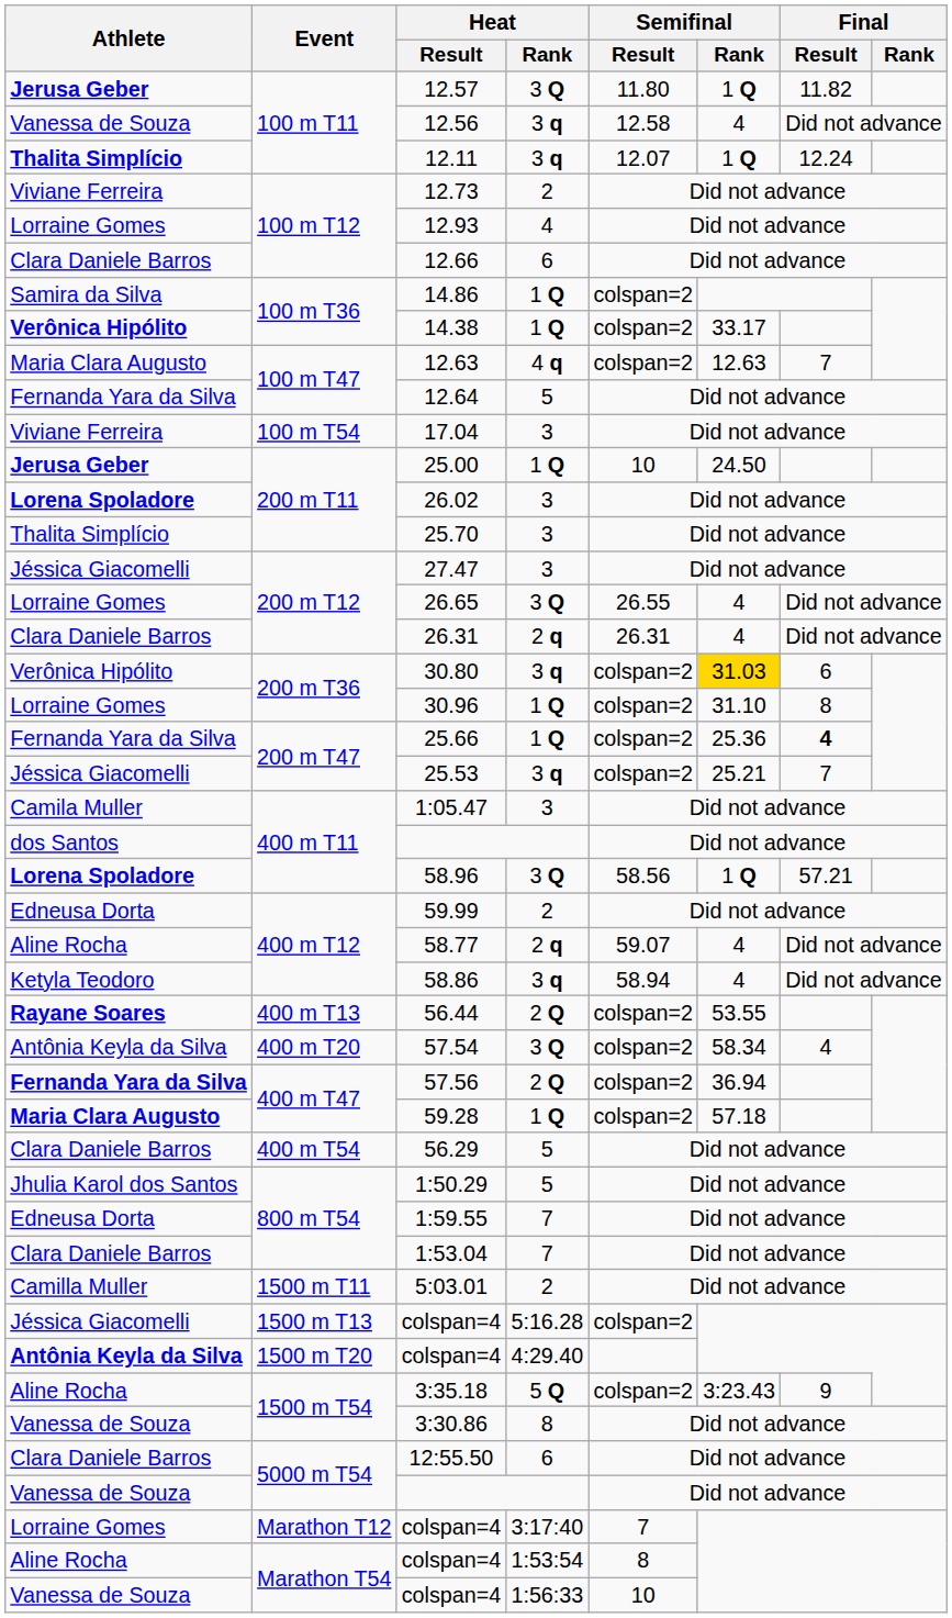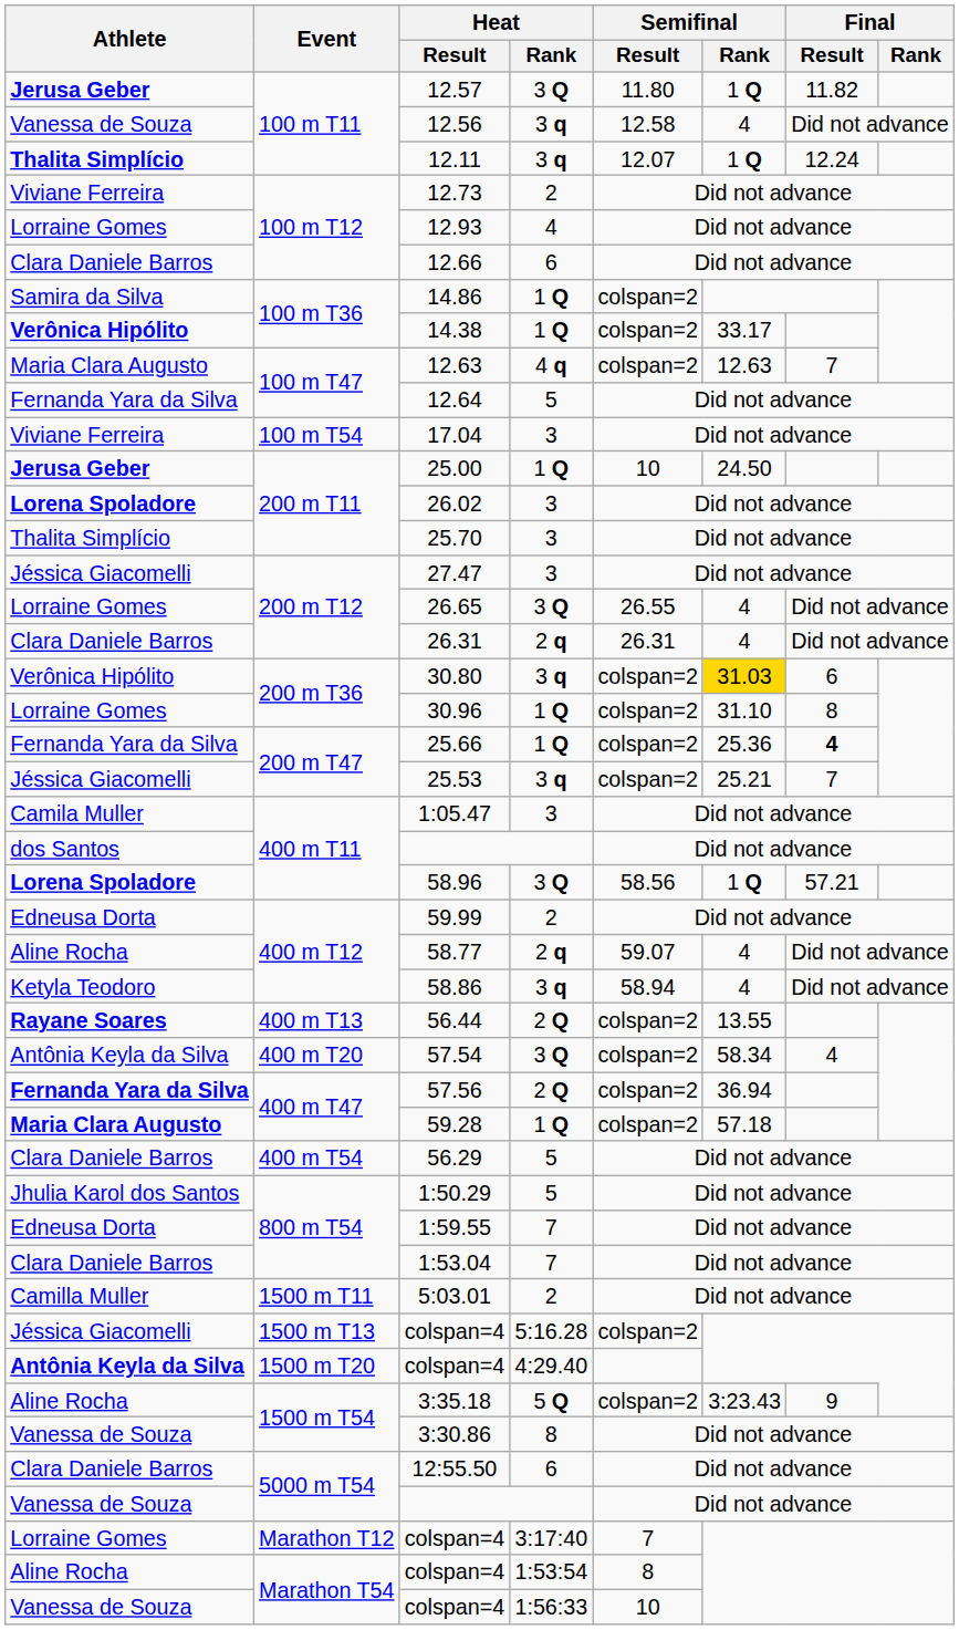 <table class="wikitable" style="font-size:90%">
 <tr>
 <th rowspan="2">Athlete</th>
 <th rowspan="2">Event</th>
 <th colspan="2">Heat</th>
 <th colspan="2">Semifinal</th>
 <th colspan="2">Final</th>
 </tr>
 <tr style="font-size:95%">
 <th>Result</th>
 <th>Rank</th>
 <th>Result</th>
 <th>Rank</th>
 <th>Result</th>
 <th>Rank</th>
 </tr>
 <tr align=center>
 <td align=left><strong><a href='#'>Jerusa Geber</a></strong></td>
 <td align=left rowspan=3><a href='#'>100 m T11</a></td>
 <td>12.57</td>
 <td>3 <strong>Q</strong></td>
 <td>11.80</td>
 <td>1 <strong>Q</strong></td>
 <td>11.82</td>
 <td></td>
 </tr>
 <tr align=center>
 <td align=left><a href='#'>Vanessa de Souza</a></td>
 <td>12.56</td>
 <td>3 <strong>q</strong></td>
 <td>12.58</td>
 <td>4</td>
 <td colspan=2>Did not advance</td>
 </tr>
 <tr align=center>
 <td align=left><strong><a href='#'>Thalita Simplício</a></strong></td>
 <td>12.11</td>
 <td>3 <strong>q</strong></td>
 <td>12.07</td>
 <td>1 <strong>Q</strong></td>
 <td>12.24</td>
 <td></td>
 </tr>
 <tr align=center>
 <td align=left><a href='#'>Viviane Ferreira</a></td>
 <td align=left rowspan=3><a href='#'>100 m T12</a></td>
 <td>12.73</td>
 <td>2</td>
 <td colspan=4>Did not advance</td>
 </tr>
 <tr align=center>
 <td align=left><a href='#'>Lorraine Gomes</a></td>
 <td>12.93</td>
 <td>4</td>
 <td colspan=4>Did not advance</td>
 </tr>
 <tr align=center>
 <td align=left><a href='#'>Clara Daniele Barros</a></td>
 <td>12.66</td>
 <td>6</td>
 <td colspan=4>Did not advance</td>
 </tr>
 <tr align=center>
 <td align=left><a href='#'>Samira da Silva</a></td>
 <td align=left rowspan=2><a href='#'>100 m T36</a></td>
 <td>14.86</td>
 <td>1 <strong>Q</strong></td>
 <td>colspan=2 </td>
 <td colspan=2></td>
 </tr>
 <tr align=center>
 <td align=left><strong><a href='#'>Verônica Hipólito</a></strong></td>
 <td>14.38</td>
 <td>1 <strong>Q</strong></td>
 <td>colspan=2 </td>
 <td>33.17</td>
 <td></td>
 </tr>
 <tr align=center>
 <td align=left><a href='#'>Maria Clara Augusto</a></td>
 <td align=left rowspan=2><a href='#'>100 m T47</a></td>
 <td>12.63</td>
 <td>4 <strong>q</strong></td>
 <td>colspan=2 </td>
 <td>12.63</td>
 <td>7</td>
 </tr>
 <tr align=center>
 <td align=left><a href='#'>Fernanda Yara da Silva</a></td>
 <td>12.64</td>
 <td>5</td>
 <td colspan=4>Did not advance</td>
 </tr>
 <tr align=center>
 <td align=left><a href='#'>Viviane Ferreira</a></td>
 <td align=left><a href='#'>100 m T54</a></td>
 <td>17.04</td>
 <td>3</td>
 <td colspan=4>Did not advance</td>
 </tr>
 <tr align=center>
 <td align=left><strong><a href='#'>Jerusa Geber</a></strong></td>
 <td align=left rowspan=3><a href='#'>200 m T11</a></td>
 <td>25.00</td>
 <td>1 <strong>Q</strong></td>
 <td>10</td>
 <td>24.50</td>
 <td></td>
 </tr>
 <tr align=center>
 <td align=left><strong><a href='#'>Lorena Spoladore</a></strong></td>
 <td>26.02</td>
 <td>3</td>
 <td colspan=4>Did not advance</td>
 </tr>
 <tr align=center>
 <td align=left><a href='#'>Thalita Simplício</a></td>
 <td>25.70</td>
 <td>3</td>
 <td colspan=4>Did not advance</td>
 </tr>
 <tr align=center>
 <td align=left><a href='#'>Jéssica Giacomelli</a></td>
 <td align=left rowspan=3><a href='#'>200 m T12</a></td>
 <td>27.47</td>
 <td>3</td>
 <td colspan=4>Did not advance</td>
 </tr>
 <tr align=center>
 <td align=left><a href='#'>Lorraine Gomes</a></td>
 <td>26.65</td>
 <td>3 <strong>Q</strong></td>
 <td>26.55</td>
 <td>4</td>
 <td colspan=2>Did not advance</td>
 </tr>
 <tr align=center>
 <td align=left><a href='#'>Clara Daniele Barros</a></td>
 <td>26.31</td>
 <td>2 <strong>q</strong></td>
 <td>26.31</td>
 <td>4</td>
 <td colspan=2>Did not advance</td>
 </tr>
 <tr align=center>
 <td align=left><a href='#'>Verônica Hipólito</a></td>
 <td align=left rowspan=2><a href='#'>200 m T36</a></td>
 <td>30.80</td>
 <td>3 <strong>q</strong></td>
 <td>colspan=2 </td>
 <td style="background: gold;">31.03</td>
 <td>6</td>
 </tr>
 <tr align=center>
 <td align=left><a href='#'>Lorraine Gomes</a></td>
 <td>30.96</td>
 <td>1 <strong>Q</strong></td>
 <td>colspan=2 </td>
 <td>31.10</td>
 <td>8</td>
 </tr>
 <tr align=center>
 <td align=left><a href='#'>Fernanda Yara da Silva</a></td>
 <td align=left rowspan=2><a href='#'>200 m T47</a></td>
 <td>25.66</td>
 <td>1 <strong>Q</strong></td>
 <td>colspan=2 </td>
 <td>25.36</td>
 <td><strong>4</strong></td>
 </tr>
 <tr align=center>
 <td align=left><a href='#'>Jéssica Giacomelli</a></td>
 <td>25.53</td>
 <td>3 <strong>q</strong></td>
 <td>colspan=2 </td>
 <td>25.21</td>
 <td>7</td>
 </tr>
 <tr align=center>
 <td align=left><a href='#'>Camila Muller</a></td>
 <td align=left rowspan=3><a href='#'>400 m T11</a></td>
 <td>1:05.47</td>
 <td>3</td>
 <td colspan=4>Did not advance</td>
 </tr>
 <tr align=center>
 <td align=left><a href='#'> dos Santos</a></td>
 <td colspan=2></td>
 <td colspan=4>Did not advance</td>
 </tr>
 <tr align=center>
 <td align=left><strong><a href='#'>Lorena Spoladore</a></strong></td>
 <td>58.96</td>
 <td>3 <strong>Q</strong></td>
 <td>58.56</td>
 <td>1 <strong>Q</strong></td>
 <td>57.21</td>
 <td></td>
 </tr>
 <tr align=center>
 <td align=left><a href='#'>Edneusa Dorta</a></td>
 <td align=left rowspan=3><a href='#'>400 m T12</a></td>
 <td>59.99</td>
 <td>2</td>
 <td colspan=4>Did not advance</td>
 </tr>
 <tr align=center>
 <td align=left><a href='#'>Aline Rocha</a></td>
 <td>58.77</td>
 <td>2 <strong>q</strong></td>
 <td>59.07</td>
 <td>4</td>
 <td colspan=2>Did not advance</td>
 </tr>
 <tr align=center>
 <td align=left><a href='#'>Ketyla Teodoro</a></td>
 <td>58.86</td>
 <td>3 <strong>q</strong></td>
 <td>58.94</td>
 <td>4</td>
 <td colspan=2>Did not advance</td>
 </tr>
 <tr align=center>
 <td align=left><strong><a href='#'>Rayane Soares</a></strong></td>
 <td align=left><a href='#'>400 m T13</a></td>
 <td>56.44</td>
 <td>2 <strong>Q</strong></td>
 <td>colspan=2 </td>
-<td>53.55</td>
+<td>13.55</td>
 <td></td>
 </tr>
 <tr align=center>
 <td align=left><a href='#'>Antônia Keyla da Silva</a></td>
 <td align=left><a href='#'>400 m T20</a></td>
 <td>57.54</td>
 <td>3 <strong>Q</strong></td>
 <td>colspan=2 </td>
 <td>58.34</td>
 <td>4</td>
 </tr>
 <tr align=center>
 <td align=left><strong><a href='#'>Fernanda Yara da Silva</a></strong></td>
 <td align=left rowspan=2><a href='#'>400 m T47</a></td>
 <td>57.56</td>
 <td>2 <strong>Q</strong></td>
 <td>colspan=2 </td>
 <td>36.94</td>
 <td></td>
 </tr>
 <tr align=center>
 <td align=left><strong><a href='#'>Maria Clara Augusto</a></strong></td>
 <td>59.28</td>
 <td>1 <strong>Q</strong></td>
 <td>colspan=2 </td>
 <td>57.18</td>
 <td></td>
 </tr>
 <tr align=center>
 <td align=left><a href='#'>Clara Daniele Barros</a></td>
 <td align=left><a href='#'>400 m T54</a></td>
 <td>56.29</td>
 <td>5</td>
 <td colspan=4>Did not advance</td>
 </tr>
 <tr align=center>
 <td align=left><a href='#'>Jhulia Karol dos Santos</a></td>
 <td align=left rowspan=3><a href='#'>800 m T54</a></td>
 <td>1:50.29</td>
 <td>5</td>
 <td colspan=4>Did not advance</td>
 </tr>
 <tr align=center>
 <td align=left><a href='#'>Edneusa Dorta</a></td>
 <td>1:59.55</td>
 <td>7</td>
 <td colspan=4>Did not advance</td>
 </tr>
 <tr align=center>
 <td align=left><a href='#'>Clara Daniele Barros</a></td>
 <td>1:53.04</td>
 <td>7</td>
 <td colspan=4>Did not advance</td>
 </tr>
 <tr align=center>
 <td align=left><a href='#'>Camilla Muller</a></td>
 <td align=left><a href='#'>1500 m T11</a></td>
 <td>5:03.01</td>
 <td>2</td>
 <td colspan=4>Did not advance</td>
 </tr>
 <tr align=center>
 <td align=left><a href='#'>Jéssica Giacomelli</a></td>
 <td align=left><a href='#'>1500 m T13</a></td>
 <td>colspan=4 </td>
 <td>5:16.28</td>
 <td>colspan=2 </td>
 </tr>
 <tr align=center>
 <td align=left><strong><a href='#'>Antônia Keyla da Silva</a></strong></td>
 <td align=left><a href='#'>1500 m T20</a></td>
 <td>colspan=4 </td>
 <td>4:29.40</td>
 <td></td>
 </tr>
 <tr align=center>
 <td align=left><a href='#'>Aline Rocha</a></td>
 <td align=left rowspan=2><a href='#'>1500 m T54</a></td>
 <td>3:35.18</td>
 <td>5 <strong>Q</strong></td>
 <td>colspan=2 </td>
 <td>3:23.43</td>
 <td>9</td>
 </tr>
 <tr align=center>
 <td align=left><a href='#'>Vanessa de Souza</a></td>
 <td>3:30.86</td>
 <td>8</td>
 <td colspan=4>Did not advance</td>
 </tr>
 <tr align=center>
 <td align=left><a href='#'>Clara Daniele Barros</a></td>
 <td align=left rowspan=2><a href='#'>5000 m T54</a></td>
 <td>12:55.50</td>
 <td>6</td>
 <td colspan=4>Did not advance</td>
 </tr>
 <tr align=center>
 <td align=left><a href='#'>Vanessa de Souza</a></td>
 <td colspan=2></td>
 <td colspan=4>Did not advance</td>
 </tr>
 <tr align=center>
 <td align=left><a href='#'>Lorraine Gomes</a></td>
 <td align=left><a href='#'>Marathon T12</a></td>
 <td>colspan=4 </td>
 <td>3:17:40</td>
 <td>7</td>
 </tr>
 <tr align=center>
 <td align=left><a href='#'>Aline Rocha</a></td>
 <td align=left rowspan=2><a href='#'>Marathon T54</a></td>
 <td>colspan=4 </td>
 <td>1:53:54</td>
 <td>8</td>
 </tr>
 <tr align=center>
 <td align=left><a href='#'>Vanessa de Souza</a></td>
 <td>colspan=4 </td>
 <td>1:56:33</td>
 <td>10</td>
 </tr>
 </table>
